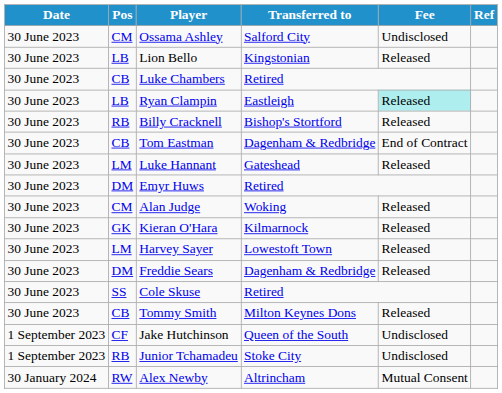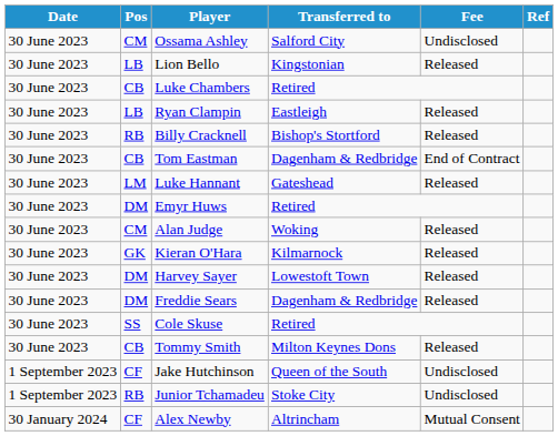 <table class="wikitable plainrowheaders sortable">
 <tr>
 <th style="background:#2191CC; color:#FFFFFF; ">Date</th>
 <th style="background:#2191CC; color:#FFFFFF; ">Pos</th>
 <th style="background:#2191CC; color:#FFFFFF; ">Player</th>
 <th style="background:#2191CC; color:#FFFFFF; ">Transferred to</th>
 <th style="background:#2191CC; color:#FFFFFF; ">Fee</th>
 <th style="background:#2191CC; color:#FFFFFF; ">Ref</th>
 </tr>
 <tr>
 <td>30 June 2023</td>
 <td><a href='#'>CM</a></td>
 <td> <a href='#'>Ossama Ashley</a></td>
 <td> <a href='#'>Salford City</a></td>
 <td>Undisclosed</td>
 <td></td>
 </tr>
 <tr>
 <td>30 June 2023</td>
 <td><a href='#'>LB</a></td>
 <td> Lion Bello</td>
 <td> <a href='#'>Kingstonian</a></td>
 <td>Released</td>
 <td></td>
 </tr>
 <tr>
 <td>30 June 2023</td>
 <td><a href='#'>CB</a></td>
 <td> <a href='#'>Luke Chambers</a></td>
 <td colspan="2"><a href='#'>Retired</a></td>
 <td></td>
 </tr>
 <tr>
 <td>30 June 2023</td>
 <td><a href='#'>LB</a></td>
 <td> <a href='#'>Ryan Clampin</a></td>
 <td> <a href='#'>Eastleigh</a></td>
-<td style="background: paleturquoise;">Released</td>
+<td>Released</td>
 <td></td>
 </tr>
 <tr>
 <td>30 June 2023</td>
 <td><a href='#'>RB</a></td>
 <td> <a href='#'>Billy Cracknell</a></td>
 <td> <a href='#'>Bishop's Stortford</a></td>
 <td>Released</td>
 <td></td>
 </tr>
 <tr>
 <td>30 June 2023</td>
 <td><a href='#'>CB</a></td>
 <td> <a href='#'>Tom Eastman</a></td>
 <td> <a href='#'>Dagenham & Redbridge</a></td>
 <td>End of Contract</td>
 <td></td>
 </tr>
 <tr>
 <td>30 June 2023</td>
 <td><a href='#'>LM</a></td>
 <td> <a href='#'>Luke Hannant</a></td>
 <td> <a href='#'>Gateshead</a></td>
 <td>Released</td>
 <td></td>
 </tr>
 <tr>
 <td>30 June 2023</td>
 <td><a href='#'>DM</a></td>
 <td> <a href='#'>Emyr Huws</a></td>
 <td colspan="2"><a href='#'>Retired</a></td>
 <td></td>
 </tr>
 <tr>
 <td>30 June 2023</td>
 <td><a href='#'>CM</a></td>
 <td> <a href='#'>Alan Judge</a></td>
 <td> <a href='#'>Woking</a></td>
 <td>Released</td>
 <td></td>
 </tr>
 <tr>
 <td>30 June 2023</td>
 <td><a href='#'>GK</a></td>
 <td> <a href='#'>Kieran O'Hara</a></td>
 <td> <a href='#'>Kilmarnock</a></td>
 <td>Released</td>
 <td></td>
 </tr>
 <tr>
 <td>30 June 2023</td>
-<td><a href='#'>LM</a></td>
+<td><a href='#'>DM</a></td>
 <td> <a href='#'>Harvey Sayer</a></td>
 <td> <a href='#'>Lowestoft Town</a></td>
 <td>Released</td>
 <td></td>
 </tr>
 <tr>
 <td>30 June 2023</td>
 <td><a href='#'>DM</a></td>
 <td> <a href='#'>Freddie Sears</a></td>
 <td> <a href='#'>Dagenham & Redbridge</a></td>
 <td>Released</td>
 <td></td>
 </tr>
 <tr>
 <td>30 June 2023</td>
 <td><a href='#'>SS</a></td>
 <td> <a href='#'>Cole Skuse</a></td>
 <td colspan="2"><a href='#'>Retired</a></td>
 <td></td>
 </tr>
 <tr>
 <td>30 June 2023</td>
 <td><a href='#'>CB</a></td>
 <td> <a href='#'>Tommy Smith</a></td>
 <td> <a href='#'>Milton Keynes Dons</a></td>
 <td>Released</td>
 <td></td>
 </tr>
 <tr>
 <td>1 September 2023</td>
 <td><a href='#'>CF</a></td>
 <td> Jake Hutchinson</td>
 <td> <a href='#'>Queen of the South</a></td>
 <td>Undisclosed</td>
 <td></td>
 </tr>
 <tr>
 <td>1 September 2023</td>
 <td><a href='#'>RB</a></td>
 <td> <a href='#'>Junior Tchamadeu</a></td>
 <td> <a href='#'>Stoke City</a></td>
 <td>Undisclosed</td>
 <td></td>
 </tr>
 <tr>
 <td>30 January 2024</td>
-<td><a href='#'>RW</a></td>
+<td><a href='#'>CF</a></td>
 <td> <a href='#'>Alex Newby</a></td>
 <td> <a href='#'>Altrincham</a></td>
 <td>Mutual Consent</td>
 <td></td>
 </tr>
 </table>
